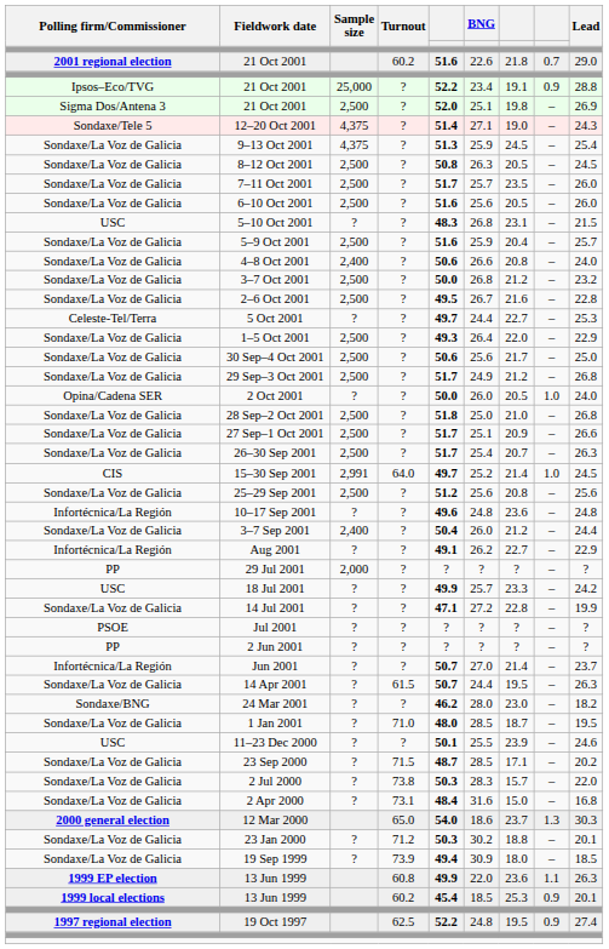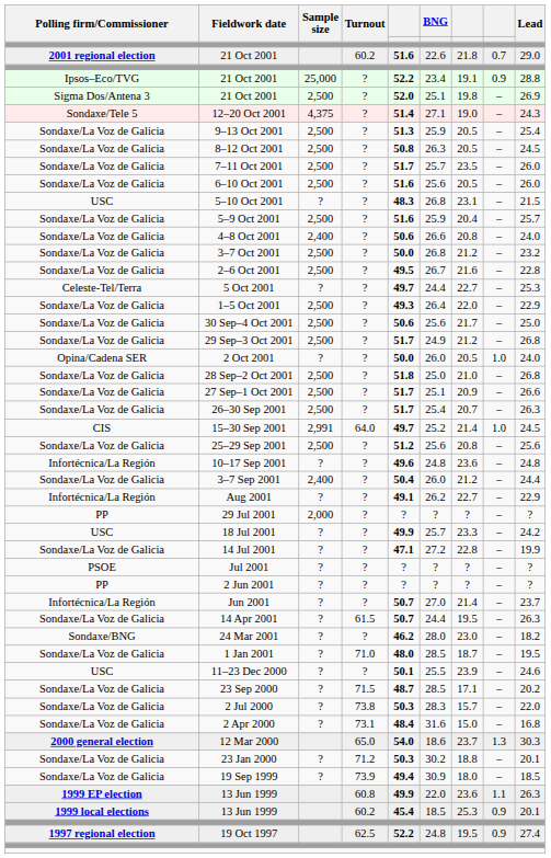 <table class="wikitable collapsible collapsed" style="text-align:center; font-size:95%; line-height:16px;">
 <tr style="height:42px;">
 <th style="width:250px;" rowspan="2">Polling firm/Commissioner</th>
 <th style="width:125px;" rowspan="2">Fieldwork date</th>
 <th style="width:50px;" rowspan="2">Sample size</th>
 <th style="width:45px;" rowspan="2">Turnout</th>
 <th style="width:35px;"></th>
 <th style="width:35px;"><a href='#'>BNG</a></th>
 <th style="width:35px;"></th>
 <th style="width:35px;"></th>
 <th style="width:30px;" rowspan="2">Lead</th>
 </tr>
 <tr>
 <th style="color:inherit;background:"></th>
 <th style="color:inherit;background:"></th>
 <th style="color:inherit;background:"></th>
 <th style="color:inherit;background:"></th>
 </tr>
 <tr>
 <td colspan="9" style="background:#A0A0A0"></td>
 </tr>
 <tr style="background:#EFEFEF;">
 <td><strong><a href='#'>2001 regional election</a></strong></td>
 <td>21 Oct 2001</td>
 <td></td>
 <td>60.2</td>
 <td><strong>51.6</strong><br></td>
 <td>22.6<br></td>
 <td>21.8<br></td>
 <td>0.7<br></td>
 <td style="background:">29.0</td>
 </tr>
 <tr>
 <td colspan="9" style="background:#A0A0A0"></td>
 </tr>
 <tr style="background:#EAFFEA;">
 <td>Ipsos–Eco/TVG</td>
 <td>21 Oct 2001</td>
 <td>25,000</td>
 <td>?</td>
 <td><strong>52.2</strong><br></td>
 <td>23.4<br></td>
 <td>19.1<br></td>
 <td>0.9<br></td>
 <td style="background:">28.8</td>
 </tr>
 <tr style="background:#EAFFEA;">
 <td>Sigma Dos/Antena 3</td>
 <td>21 Oct 2001</td>
 <td>2,500</td>
 <td>?</td>
 <td><strong>52.0</strong><br></td>
 <td>25.1<br></td>
 <td>19.8<br></td>
 <td>–</td>
 <td style="background:">26.9</td>
 </tr>
 <tr style="background:#FFEAEA;">
 <td>Sondaxe/Tele 5</td>
 <td>12–20 Oct 2001</td>
 <td>4,375</td>
 <td>?</td>
 <td><strong>51.4</strong><br></td>
 <td>27.1<br></td>
 <td>19.0<br></td>
 <td>–</td>
 <td style="background:">24.3</td>
 </tr>
 <tr>
 <td>Sondaxe/La Voz de Galicia</td>
 <td>9–13 Oct 2001</td>
-<td>4,375</td>
+<td>2,500</td>
 <td>?</td>
 <td><strong>51.3</strong><br></td>
 <td>25.9<br></td>
-<td>24.5<br></td>
+<td>20.5<br></td>
 <td>–</td>
 <td style="background:">25.4</td>
 </tr>
 <tr>
 <td>Sondaxe/La Voz de Galicia</td>
 <td>8–12 Oct 2001</td>
 <td>2,500</td>
 <td>?</td>
 <td><strong>50.8</strong><br></td>
 <td>26.3<br></td>
 <td>20.5<br></td>
 <td>–</td>
 <td style="background:">24.5</td>
 </tr>
 <tr>
 <td>Sondaxe/La Voz de Galicia</td>
 <td>7–11 Oct 2001</td>
 <td>2,500</td>
 <td>?</td>
 <td><strong>51.7</strong><br></td>
 <td>25.7<br></td>
 <td>23.5<br></td>
 <td>–</td>
 <td style="background:">26.0</td>
 </tr>
 <tr>
 <td>Sondaxe/La Voz de Galicia</td>
 <td>6–10 Oct 2001</td>
 <td>2,500</td>
 <td>?</td>
 <td><strong>51.6</strong><br></td>
 <td>25.6<br></td>
 <td>20.5<br></td>
 <td>–</td>
 <td style="background:">26.0</td>
 </tr>
 <tr>
 <td>USC</td>
 <td>5–10 Oct 2001</td>
 <td>?</td>
 <td>?</td>
 <td><strong>48.3</strong><br></td>
 <td>26.8<br></td>
 <td>23.1<br></td>
 <td>–</td>
 <td style="background:">21.5</td>
 </tr>
 <tr>
 <td>Sondaxe/La Voz de Galicia</td>
 <td>5–9 Oct 2001</td>
 <td>2,500</td>
 <td>?</td>
 <td><strong>51.6</strong><br></td>
 <td>25.9<br></td>
 <td>20.4<br></td>
 <td>–</td>
 <td style="background:">25.7</td>
 </tr>
 <tr>
 <td>Sondaxe/La Voz de Galicia</td>
 <td>4–8 Oct 2001</td>
 <td>2,400</td>
 <td>?</td>
 <td><strong>50.6</strong><br></td>
 <td>26.6<br></td>
 <td>20.8<br></td>
 <td>–</td>
 <td style="background:">24.0</td>
 </tr>
 <tr>
 <td>Sondaxe/La Voz de Galicia</td>
 <td>3–7 Oct 2001</td>
 <td>2,500</td>
 <td>?</td>
 <td><strong>50.0</strong><br></td>
 <td>26.8<br></td>
 <td>21.2<br></td>
 <td>–</td>
 <td style="background:">23.2</td>
 </tr>
 <tr>
 <td>Sondaxe/La Voz de Galicia</td>
 <td>2–6 Oct 2001</td>
 <td>2,500</td>
 <td>?</td>
 <td><strong>49.5</strong><br></td>
 <td>26.7<br></td>
 <td>21.6<br></td>
 <td>–</td>
 <td style="background:">22.8</td>
 </tr>
 <tr>
 <td>Celeste-Tel/Terra</td>
 <td>5 Oct 2001</td>
 <td>?</td>
 <td>?</td>
 <td><strong>49.7</strong><br></td>
 <td>24.4<br></td>
 <td>22.7<br></td>
 <td>–</td>
 <td style="background:">25.3</td>
 </tr>
 <tr>
 <td>Sondaxe/La Voz de Galicia</td>
 <td>1–5 Oct 2001</td>
 <td>2,500</td>
 <td>?</td>
 <td><strong>49.3</strong><br></td>
 <td>26.4<br></td>
 <td>22.0<br></td>
 <td>–</td>
 <td style="background:">22.9</td>
 </tr>
 <tr>
 <td>Sondaxe/La Voz de Galicia</td>
 <td>30 Sep–4 Oct 2001</td>
 <td>2,500</td>
 <td>?</td>
 <td><strong>50.6</strong><br></td>
 <td>25.6<br></td>
 <td>21.7<br></td>
 <td>–</td>
 <td style="background:">25.0</td>
 </tr>
 <tr>
 <td>Sondaxe/La Voz de Galicia</td>
 <td>29 Sep–3 Oct 2001</td>
 <td>2,500</td>
 <td>?</td>
 <td><strong>51.7</strong><br></td>
 <td>24.9<br></td>
 <td>21.2<br></td>
 <td>–</td>
 <td style="background:">26.8</td>
 </tr>
 <tr>
 <td>Opina/Cadena SER</td>
 <td>2 Oct 2001</td>
 <td>?</td>
 <td>?</td>
 <td><strong>50.0</strong><br></td>
 <td>26.0<br></td>
 <td>20.5<br></td>
 <td>1.0<br></td>
 <td style="background:">24.0</td>
 </tr>
 <tr>
 <td>Sondaxe/La Voz de Galicia</td>
 <td>28 Sep–2 Oct 2001</td>
 <td>2,500</td>
 <td>?</td>
 <td><strong>51.8</strong><br></td>
 <td>25.0<br></td>
 <td>21.0<br></td>
 <td>–</td>
 <td style="background:">26.8</td>
 </tr>
 <tr>
 <td>Sondaxe/La Voz de Galicia</td>
 <td>27 Sep–1 Oct 2001</td>
 <td>2,500</td>
 <td>?</td>
 <td><strong>51.7</strong><br></td>
 <td>25.1<br></td>
 <td>20.9<br></td>
 <td>–</td>
 <td style="background:">26.6</td>
 </tr>
 <tr>
 <td>Sondaxe/La Voz de Galicia</td>
 <td>26–30 Sep 2001</td>
 <td>2,500</td>
 <td>?</td>
 <td><strong>51.7</strong><br></td>
 <td>25.4<br></td>
 <td>20.7<br></td>
 <td>–</td>
 <td style="background:">26.3</td>
 </tr>
 <tr>
 <td>CIS</td>
 <td>15–30 Sep 2001</td>
 <td>2,991</td>
 <td>64.0</td>
 <td><strong>49.7</strong><br></td>
 <td>25.2<br></td>
 <td>21.4<br></td>
 <td>1.0<br></td>
 <td style="background:">24.5</td>
 </tr>
 <tr>
 <td>Sondaxe/La Voz de Galicia</td>
 <td>25–29 Sep 2001</td>
 <td>2,500</td>
 <td>?</td>
 <td><strong>51.2</strong><br></td>
 <td>25.6<br></td>
 <td>20.8<br></td>
 <td>–</td>
 <td style="background:">25.6</td>
 </tr>
 <tr>
 <td>Infortécnica/La Región</td>
 <td>10–17 Sep 2001</td>
 <td>?</td>
 <td>?</td>
 <td><strong>49.6</strong><br></td>
 <td>24.8<br></td>
 <td>23.6<br></td>
 <td>–</td>
 <td style="background:">24.8</td>
 </tr>
 <tr>
 <td>Sondaxe/La Voz de Galicia</td>
 <td>3–7 Sep 2001</td>
 <td>2,400</td>
 <td>?</td>
 <td><strong>50.4</strong><br></td>
 <td>26.0<br></td>
 <td>21.2<br></td>
 <td>–</td>
 <td style="background:">24.4</td>
 </tr>
 <tr>
 <td>Infortécnica/La Región</td>
 <td>Aug 2001</td>
 <td>?</td>
 <td>?</td>
 <td><strong>49.1</strong><br></td>
 <td>26.2<br></td>
 <td>22.7<br></td>
 <td>–</td>
 <td style="background:">22.9</td>
 </tr>
 <tr>
 <td>PP</td>
 <td>29 Jul 2001</td>
 <td>2,000</td>
 <td>?</td>
 <td>?<br></td>
 <td>?<br></td>
 <td>?<br></td>
 <td>–</td>
 <td style="background:">?</td>
 </tr>
 <tr>
 <td>USC</td>
 <td>18 Jul 2001</td>
 <td>?</td>
 <td>?</td>
 <td><strong>49.9</strong><br></td>
 <td>25.7<br></td>
 <td>23.3<br></td>
 <td>–</td>
 <td style="background:">24.2</td>
 </tr>
 <tr>
 <td>Sondaxe/La Voz de Galicia</td>
 <td>14 Jul 2001</td>
 <td>?</td>
 <td>?</td>
 <td><strong>47.1</strong><br></td>
 <td>27.2<br></td>
 <td>22.8<br></td>
 <td>–</td>
 <td style="background:">19.9</td>
 </tr>
 <tr>
 <td>PSOE</td>
 <td>Jul 2001</td>
 <td>?</td>
 <td>?</td>
 <td>?<br></td>
 <td>?<br></td>
 <td>?<br></td>
 <td>–</td>
 <td style="background:">?</td>
 </tr>
 <tr>
 <td>PP</td>
 <td>2 Jun 2001</td>
 <td>?</td>
 <td>?</td>
 <td>?<br></td>
 <td>?<br></td>
 <td>?<br></td>
 <td>–</td>
 <td style="background:">?</td>
 </tr>
 <tr>
 <td>Infortécnica/La Región</td>
 <td>Jun 2001</td>
 <td>?</td>
 <td>?</td>
 <td><strong>50.7</strong><br></td>
 <td>27.0<br></td>
 <td>21.4<br></td>
 <td>–</td>
 <td style="background:">23.7</td>
 </tr>
 <tr>
 <td>Sondaxe/La Voz de Galicia</td>
 <td>14 Apr 2001</td>
 <td>?</td>
 <td>61.5</td>
 <td><strong>50.7</strong></td>
 <td>24.4</td>
 <td>19.5</td>
 <td>–</td>
 <td style="background:">26.3</td>
 </tr>
 <tr>
 <td>Sondaxe/BNG</td>
 <td>24 Mar 2001</td>
 <td>?</td>
 <td>?</td>
 <td><strong>46.2</strong><br></td>
 <td>28.0<br></td>
 <td>23.0<br></td>
 <td>–</td>
 <td style="background:">18.2</td>
 </tr>
 <tr>
 <td>Sondaxe/La Voz de Galicia</td>
 <td>1 Jan 2001</td>
 <td>?</td>
 <td>71.0</td>
 <td><strong>48.0</strong></td>
 <td>28.5</td>
 <td>18.7</td>
 <td>–</td>
 <td style="background:">19.5</td>
 </tr>
 <tr>
 <td>USC</td>
 <td>11–23 Dec 2000</td>
 <td>?</td>
 <td>?</td>
 <td><strong>50.1</strong><br></td>
 <td>25.5<br></td>
 <td>23.9<br></td>
 <td>–</td>
 <td style="background:">24.6</td>
 </tr>
 <tr>
 <td>Sondaxe/La Voz de Galicia</td>
 <td>23 Sep 2000</td>
 <td>?</td>
 <td>71.5</td>
 <td><strong>48.7</strong></td>
 <td>28.5</td>
 <td>17.1</td>
 <td>–</td>
 <td style="background:">20.2</td>
 </tr>
 <tr>
 <td>Sondaxe/La Voz de Galicia</td>
 <td>2 Jul 2000</td>
 <td>?</td>
 <td>73.8</td>
 <td><strong>50.3</strong></td>
 <td>28.3</td>
 <td>15.7</td>
 <td>–</td>
 <td style="background:">22.0</td>
 </tr>
 <tr>
 <td>Sondaxe/La Voz de Galicia</td>
 <td>2 Apr 2000</td>
 <td>?</td>
 <td>73.1</td>
 <td><strong>48.4</strong></td>
 <td>31.6</td>
 <td>15.0</td>
 <td>–</td>
 <td style="background:">16.8</td>
 </tr>
 <tr style="background:#EFEFEF;">
 <td><strong><a href='#'>2000 general election</a></strong></td>
 <td>12 Mar 2000</td>
 <td></td>
 <td>65.0</td>
 <td><strong>54.0</strong><br></td>
 <td>18.6<br></td>
 <td>23.7<br></td>
 <td>1.3<br></td>
 <td style="background:">30.3</td>
 </tr>
 <tr>
 <td>Sondaxe/La Voz de Galicia</td>
 <td>23 Jan 2000</td>
 <td>?</td>
 <td>71.2</td>
 <td><strong>50.3</strong></td>
 <td>30.2</td>
 <td>18.8</td>
 <td>–</td>
 <td style="background:">20.1</td>
 </tr>
 <tr>
 <td>Sondaxe/La Voz de Galicia</td>
 <td>19 Sep 1999</td>
 <td>?</td>
 <td>73.9</td>
 <td><strong>49.4</strong></td>
 <td>30.9</td>
 <td>18.0</td>
 <td>–</td>
 <td style="background:">18.5</td>
 </tr>
 <tr style="background:#EFEFEF;">
 <td><strong><a href='#'>1999 EP election</a></strong></td>
 <td>13 Jun 1999</td>
 <td></td>
 <td>60.8</td>
 <td><strong>49.9</strong><br></td>
 <td>22.0<br></td>
 <td>23.6<br></td>
 <td>1.1<br></td>
 <td style="background:">26.3</td>
 </tr>
 <tr style="background:#EFEFEF;">
 <td><strong><a href='#'>1999 local elections</a></strong></td>
 <td>13 Jun 1999</td>
 <td></td>
 <td>60.2</td>
 <td><strong>45.4</strong></td>
 <td>18.5</td>
 <td>25.3</td>
 <td>0.9</td>
 <td style="background:">20.1</td>
 </tr>
 <tr>
 <td colspan="9" style="background:#A0A0A0"></td>
 </tr>
 <tr style="background:#EFEFEF;">
 <td><strong><a href='#'>1997 regional election</a></strong></td>
 <td>19 Oct 1997</td>
 <td></td>
 <td>62.5</td>
 <td><strong>52.2</strong><br></td>
 <td>24.8<br></td>
 <td>19.5<br></td>
 <td>0.9<br></td>
 <td style="background:">27.4</td>
 </tr>
 <tr>
 <td colspan="9" style="background:#A0A0A0"></td>
 </tr>
 <tr>
 <td colspan="9"></td>
 </tr>
 </table>
